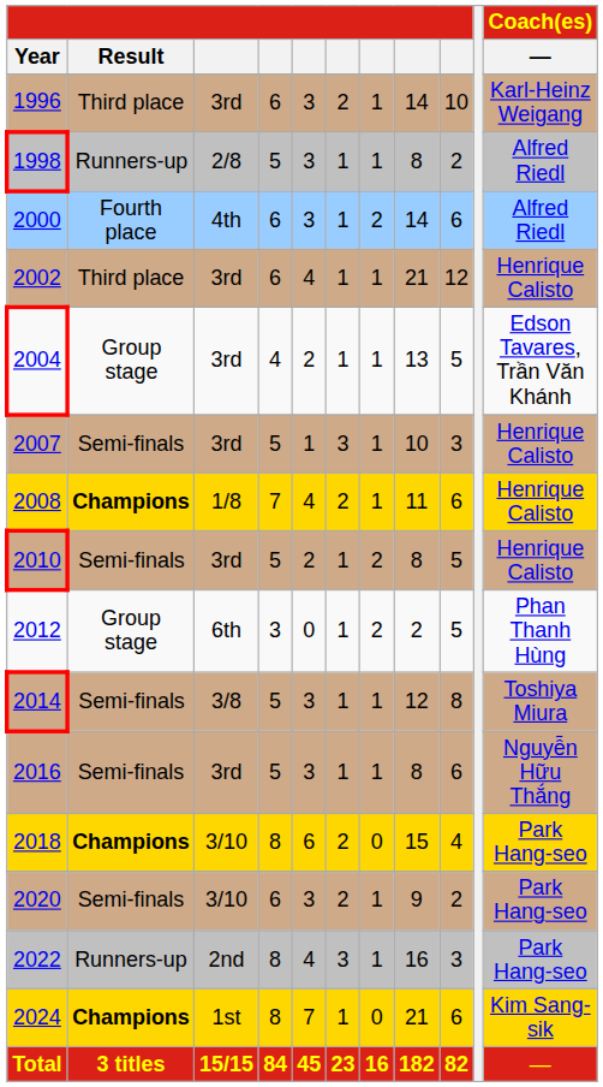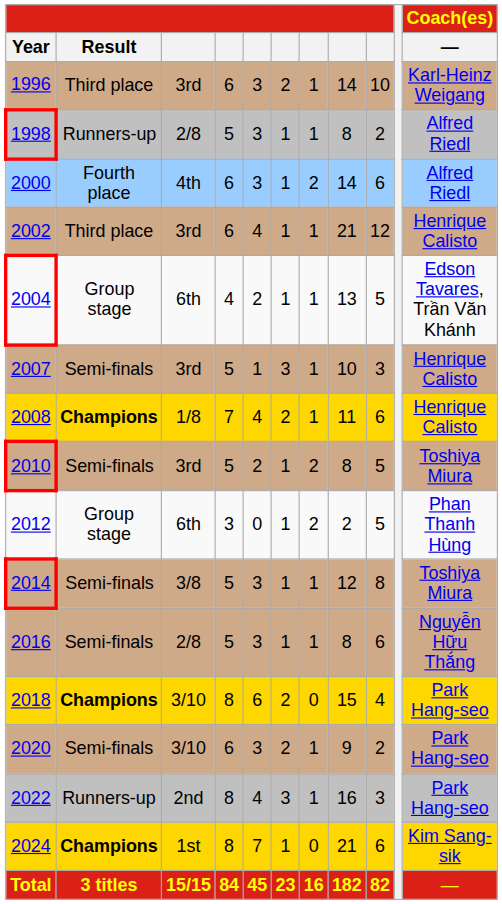 <table class="wikitable" style="text-align:center; width:70%;">
 <tr>
 <th colspan="9" style="background: #DB2017; color: #FFFF00;"><a href='#'></a></th>
 <th style="width:1%;" rowspan="39"></th>
 <th colspan="2" style="background: #DB2017; color: #FFFF00;">Coach(es)</th>
 </tr>
 <tr>
 <th width="90">Year</th>
 <th width="80">Result</th>
 <th width="40"></th>
 <th width="20"></th>
 <th width="20"></th>
 <th width="20"></th>
 <th width="20"></th>
 <th width="20"></th>
 <th width="20"></th>
 <th><strong>—</strong></th>
 </tr>
 <tr style="background-color:#cfaa88;">
 <td> <a href='#'>1996</a></td>
 <td>Third place</td>
 <td>3rd</td>
 <td>6</td>
 <td>3</td>
 <td>2</td>
 <td>1</td>
 <td>14</td>
 <td>10</td>
 <td> <a href='#'>Karl-Heinz Weigang</a></td>
 </tr>
 <tr style="background-color:Silver;">
 <td style="border:3px solid red"> <a href='#'>1998</a></td>
 <td>Runners-up</td>
 <td>2/8</td>
 <td>5</td>
 <td>3</td>
 <td>1</td>
 <td>1</td>
 <td>8</td>
 <td>2</td>
 <td> <a href='#'>Alfred Riedl</a></td>
 </tr>
 <tr style="background-color:#9acdff;">
 <td> <a href='#'>2000</a></td>
 <td>Fourth place</td>
 <td>4th</td>
 <td>6</td>
 <td>3</td>
 <td>1</td>
 <td>2</td>
 <td>14</td>
 <td>6</td>
 <td> <a href='#'>Alfred Riedl</a></td>
 </tr>
 <tr style="background-color:#cfaa88;">
 <td>  <a href='#'>2002</a></td>
 <td>Third place</td>
 <td>3rd</td>
 <td>6</td>
 <td>4</td>
 <td>1</td>
 <td>1</td>
 <td>21</td>
 <td>12</td>
 <td> <a href='#'>Henrique Calisto</a></td>
 </tr>
 <tr>
 <td style="border:3px solid red">  <a href='#'>2004</a></td>
 <td>Group stage</td>
-<td>3rd</td>
+<td>6th</td>
 <td>4</td>
 <td>2</td>
 <td>1</td>
 <td>1</td>
 <td>13</td>
 <td>5</td>
 <td> <a href='#'>Edson Tavares</a>, <br> Trần Văn Khánh</td>
 </tr>
 <tr style="background-color:#cfaa88;">
 <td>  <a href='#'>2007</a></td>
 <td>Semi-finals</td>
 <td>3rd</td>
 <td>5</td>
 <td>1</td>
 <td>3</td>
 <td>1</td>
 <td>10</td>
 <td>3</td>
 <td> <a href='#'>Henrique Calisto</a></td>
 </tr>
 <tr style="background-color:Gold;">
 <td>  <a href='#'>2008</a></td>
 <td><strong>Champions</strong></td>
 <td>1/8</td>
 <td>7</td>
 <td>4</td>
 <td>2</td>
 <td>1</td>
 <td>11</td>
 <td>6</td>
 <td> <a href='#'>Henrique Calisto</a></td>
 </tr>
 <tr style="background-color:#cfaa88;">
 <td style="border:3px solid red">  <a href='#'>2010</a></td>
 <td>Semi-finals</td>
 <td>3rd</td>
 <td>5</td>
 <td>2</td>
 <td>1</td>
 <td>2</td>
 <td>8</td>
 <td>5</td>
-<td> <a href='#'>Henrique Calisto</a></td>
+<td> <a href='#'>Toshiya Miura</a></td>
 </tr>
 <tr>
 <td>  <a href='#'>2012</a></td>
 <td>Group stage</td>
 <td>6th</td>
 <td>3</td>
 <td>0</td>
 <td>1</td>
 <td>2</td>
 <td>2</td>
 <td>5</td>
 <td> <a href='#'>Phan Thanh Hùng</a></td>
 </tr>
 <tr style="background-color:#cfaa88;">
 <td style="border:3px solid red">  <a href='#'>2014</a></td>
 <td>Semi-finals</td>
 <td>3/8</td>
 <td>5</td>
 <td>3</td>
 <td>1</td>
 <td>1</td>
 <td>12</td>
 <td>8</td>
 <td> <a href='#'>Toshiya Miura</a></td>
 </tr>
 <tr style="background-color:#cfaa88;">
 <td>  <a href='#'>2016</a></td>
 <td>Semi-finals</td>
-<td>3rd</td>
+<td>2/8</td>
 <td>5</td>
 <td>3</td>
 <td>1</td>
 <td>1</td>
 <td>8</td>
 <td>6</td>
 <td> <a href='#'>Nguyễn Hữu Thắng</a></td>
 </tr>
 <tr style="background-color:Gold;">
 <td> <a href='#'>2018</a></td>
 <td><strong>Champions</strong></td>
 <td>3/10</td>
 <td>8</td>
 <td>6</td>
 <td>2</td>
 <td>0</td>
 <td>15</td>
 <td>4</td>
 <td> <a href='#'>Park Hang-seo</a></td>
 </tr>
 <tr>
 </tr>
 <tr style="background-color:#cfaa88;">
 <td> <a href='#'>2020</a></td>
 <td>Semi-finals</td>
 <td>3/10</td>
 <td>6</td>
 <td>3</td>
 <td>2</td>
 <td>1</td>
 <td>9</td>
 <td>2</td>
 <td> <a href='#'>Park Hang-seo</a></td>
 </tr>
 <tr style="background-color:Silver;">
 <td> <a href='#'>2022</a></td>
 <td>Runners-up</td>
 <td>2nd</td>
 <td>8</td>
 <td>4</td>
 <td>3</td>
 <td>1</td>
 <td>16</td>
 <td>3</td>
 <td> <a href='#'>Park Hang-seo</a></td>
 </tr>
 <tr style="background-color:Gold;">
 <td> <a href='#'>2024</a></td>
 <td><strong>Champions</strong></td>
 <td>1st</td>
 <td>8</td>
 <td>7</td>
 <td>1</td>
 <td>0</td>
 <td>21</td>
 <td>6</td>
 <td> <a href='#'>Kim Sang-sik</a></td>
 </tr>
 <tr>
 <td colspan=1 style="background: #DB2017; color: #FFFF00;"><strong>Total</strong></td>
 <td style="background: #DB2017; color: #FFFF00;"><strong>3 titles</strong></td>
 <td style="background: #DB2017; color: #FFFF00;"><strong>15/15</strong></td>
 <td style="background: #DB2017; color: #FFFF00;"><strong>84</strong></td>
 <td style="background: #DB2017; color: #FFFF00;"><strong>45</strong></td>
 <td style="background: #DB2017; color: #FFFF00;"><strong>23</strong></td>
 <td style="background: #DB2017; color: #FFFF00;"><strong>16</strong></td>
 <td style="background: #DB2017; color: #FFFF00;"><strong>182</strong></td>
 <td style="background: #DB2017; color: #FFFF00;"><strong>82</strong></td>
 <td style="background: #DB2017; color: #FFFF00;">—</td>
 </tr>
 </table>
